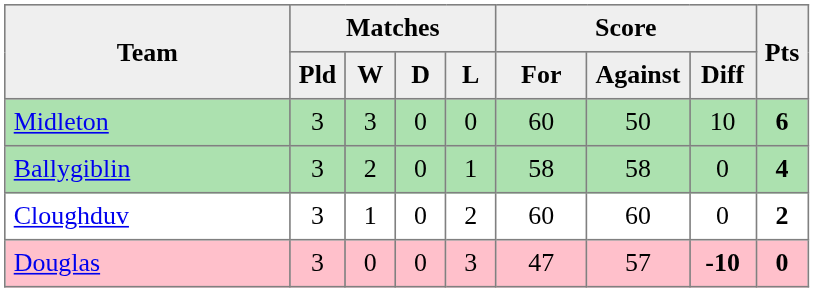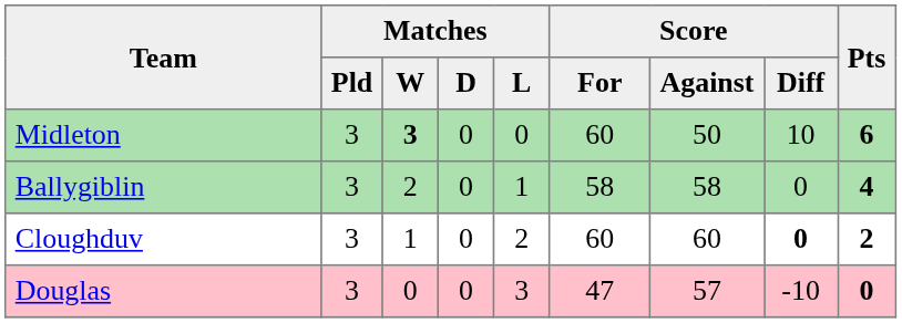 <table style=border-collapse:collapse border=1 cellspacing=0 cellpadding=5>
 <tr align=center bgcolor=#efefef>
 <th rowspan=2 width=165>Team</th>
 <th colspan=4>Matches</th>
 <th colspan=3>Score</th>
 <th rowspan=2width=20>Pts</th>
 </tr>
 <tr align=center bgcolor=#efefef>
 <th width=20>Pld</th>
 <th width=20>W</th>
 <th width=20>D</th>
 <th width=20>L</th>
 <th width=45>For</th>
 <th width=45>Against</th>
 <th width=30>Diff</th>
 </tr>
 <tr align=center style="background:#ACE1AF;">
 <td style="text-align:left;"><a href='#'>Midleton</a></td>
 <td>3</td>
-<td>3</td>
+<td><strong>3</strong></td>
 <td>0</td>
 <td>0</td>
 <td>60</td>
 <td>50</td>
 <td>10</td>
 <td><strong>6</strong></td>
 </tr>
 <tr align=center  style="background:#ACE1AF;">
 <td style="text-align:left;"><a href='#'>Ballygiblin</a></td>
 <td>3</td>
 <td>2</td>
 <td>0</td>
 <td>1</td>
 <td>58</td>
 <td>58</td>
 <td>0</td>
 <td><strong>4</strong></td>
 </tr>
 <tr align=center>
 <td style="text-align:left;"><a href='#'>Cloughduv</a></td>
 <td>3</td>
 <td>1</td>
 <td>0</td>
 <td>2</td>
 <td>60</td>
 <td>60</td>
-<td>0</td>
+<td><strong>0</strong></td>
 <td><strong>2</strong></td>
 </tr>
 <tr align=center style="background:#FFC0CB;">
 <td style="text-align:left;"><a href='#'>Douglas</a></td>
 <td>3</td>
 <td>0</td>
 <td>0</td>
 <td>3</td>
 <td>47</td>
 <td>57</td>
-<td><strong>-10</strong></td>
+<td>-10</td>
 <td><strong>0</strong></td>
 </tr>
 </table>
